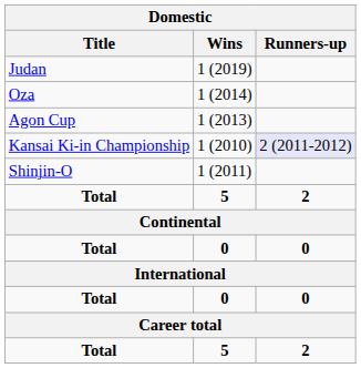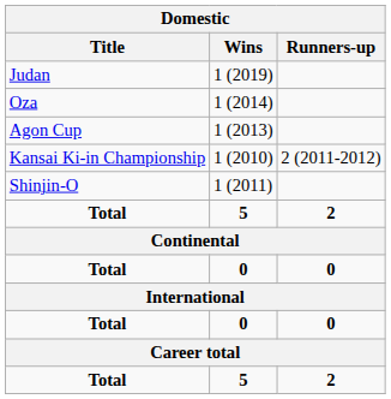 <table class="wikitable">
 <tr>
 <th colspan=3>Domestic</th>
 </tr>
 <tr>
 <th>Title</th>
 <th>Wins</th>
 <th>Runners-up</th>
 </tr>
 <tr>
 <td><a href='#'>Judan</a></td>
 <td>1 (2019)</td>
 <td></td>
 </tr>
 <tr>
 <td><a href='#'>Oza</a></td>
 <td>1 (2014)</td>
 <td></td>
 </tr>
 <tr>
 <td><a href='#'>Agon Cup</a></td>
 <td>1 (2013)</td>
 <td></td>
 </tr>
 <tr>
 <td><a href='#'>Kansai Ki-in Championship</a></td>
 <td>1 (2010)</td>
-<td style="background: lavender;">2 (2011-2012)</td>
+<td>2 (2011-2012)</td>
 </tr>
 <tr>
 <td><a href='#'>Shinjin-O</a></td>
 <td>1 (2011)</td>
 <td></td>
 </tr>
 <tr align="center">
 <td><strong>Total</strong></td>
 <td><strong>5</strong></td>
 <td><strong>2</strong></td>
 </tr>
 <tr>
 <th colspan=3>Continental</th>
 </tr>
 <tr align="center">
 <td><strong>Total</strong></td>
 <td><strong>0</strong></td>
 <td><strong>0</strong></td>
 </tr>
 <tr>
 <th colspan=3>International</th>
 </tr>
 <tr align="center">
 <td><strong>Total</strong></td>
 <td><strong>0</strong></td>
 <td><strong>0</strong></td>
 </tr>
 <tr>
 <th colspan=3>Career total</th>
 </tr>
 <tr align="center">
 <td><strong>Total</strong></td>
 <td><strong>5</strong></td>
 <td><strong>2</strong></td>
 </tr>
 </table>
